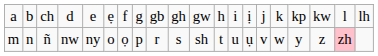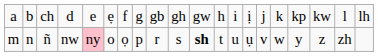 <table class="wikitable" style="text-align: center;">
 <tr>
 <td>a</td>
 <td>b</td>
 <td>ch</td>
 <td>d</td>
 <td>e</td>
 <td>ẹ</td>
 <td>f</td>
 <td>g</td>
 <td>gb</td>
 <td>gh</td>
 <td>gw</td>
 <td>h</td>
 <td>i</td>
 <td>ị</td>
 <td>j</td>
 <td>k</td>
 <td>kp</td>
 <td>kw</td>
 <td>l</td>
 <td>lh</td>
 </tr>
 <tr>
 <td>m</td>
 <td>n</td>
 <td>ñ</td>
 <td>nw</td>
-<td>ny</td>
+<td style="background: pink;">ny</td>
 <td>o</td>
 <td>ọ</td>
 <td>p</td>
 <td>r</td>
 <td>s</td>
-<td>sh</td>
+<td><strong>sh</strong></td>
 <td>t</td>
 <td>u</td>
 <td>ụ</td>
 <td>v</td>
 <td>w</td>
 <td>y</td>
 <td>z</td>
-<td style="background: pink;">zh</td>
+<td>zh</td>
 </tr>
 </table>
